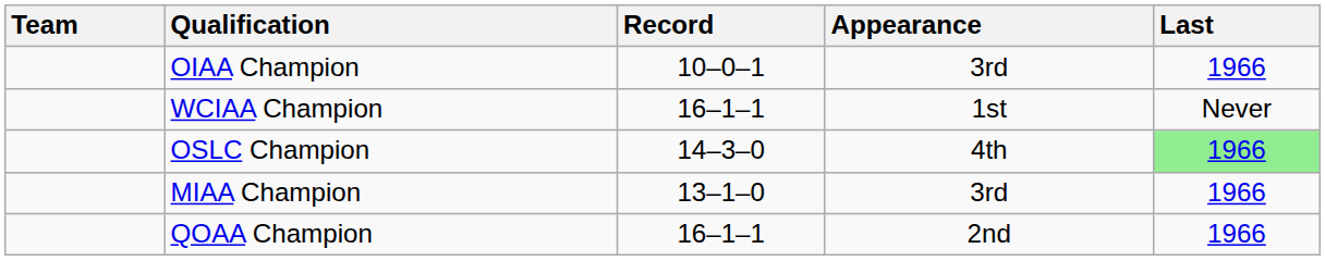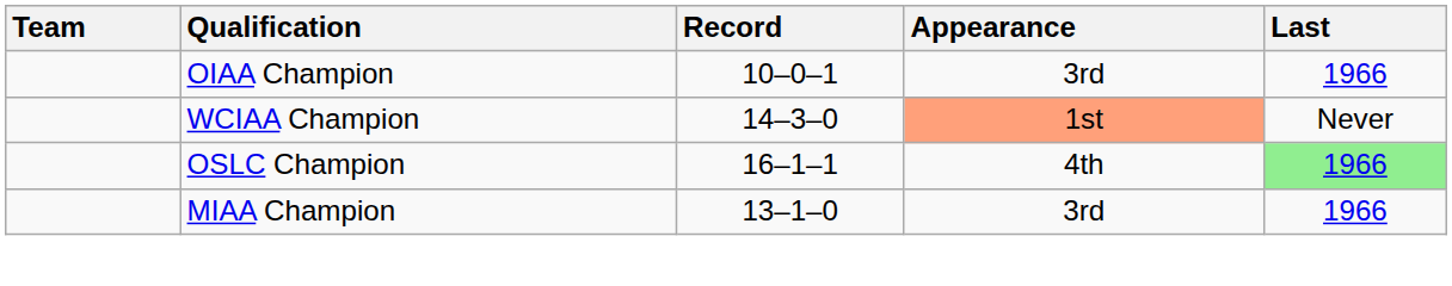 <table class="wikitable sortable" style="text-align: center;" width=800>
 <tr style="background:#efefef; text-align:center">
 <th style="text-align:left">Team</th>
 <th style="text-align:left">Qualification</th>
 <th style="text-align:left">Record</th>
 <th style="text-align:left">Appearance</th>
 <th style="text-align:left">Last</th>
 </tr>
 <tr style="text-align:center">
 <td style="text-align:left; "><a href='#'></a></td>
 <td style="text-align:left"><a href='#'>OIAA</a> Champion</td>
 <td style="text-align:center">10–0–1</td>
 <td style="text-align:center">3rd</td>
 <td style="text-align:center"><a href='#'>1966</a></td>
 </tr>
 <tr style="text-align:center">
 <td style="text-align:left; "><a href='#'></a></td>
 <td style="text-align:left"><a href='#'>WCIAA</a> Champion</td>
-<td style="text-align:center">16–1–1</td>
-<td style="text-align:center">1st</td>
+<td style="text-align:center">14–3–0</td>
+<td style="background: lightsalmon; text-align:center">1st</td>
 <td style="text-align:center">Never</td>
 </tr>
 <tr style="text-align:center">
 <td style="text-align:left; "><a href='#'></a></td>
 <td style="text-align:left"><a href='#'>OSLC</a> Champion</td>
-<td style="text-align:center">14–3–0</td>
+<td style="text-align:center">16–1–1</td>
 <td style="text-align:center">4th</td>
 <td style="background: lightgreen; text-align:center"><a href='#'>1966</a></td>
 </tr>
 <tr style="text-align:center">
 <td style="text-align:left; "><a href='#'></a></td>
 <td style="text-align:left"><a href='#'>MIAA</a> Champion</td>
 <td style="text-align:center">13–1–0</td>
 <td style="text-align:center">3rd</td>
 <td style="text-align:center"><a href='#'>1966</a></td>
 </tr>
-<tr style="text-align:center">
-<td style="text-align:left; "><a href='#'></a></td>
-<td style="text-align:left"><a href='#'>QOAA</a> Champion</td>
-<td `style="text-align:center">16–1–1</td>
-<td style="text-align:center">2nd</td>
-<td style="text-align:center"><a href='#'>1966</a></td>
-</tr>
 </table>
